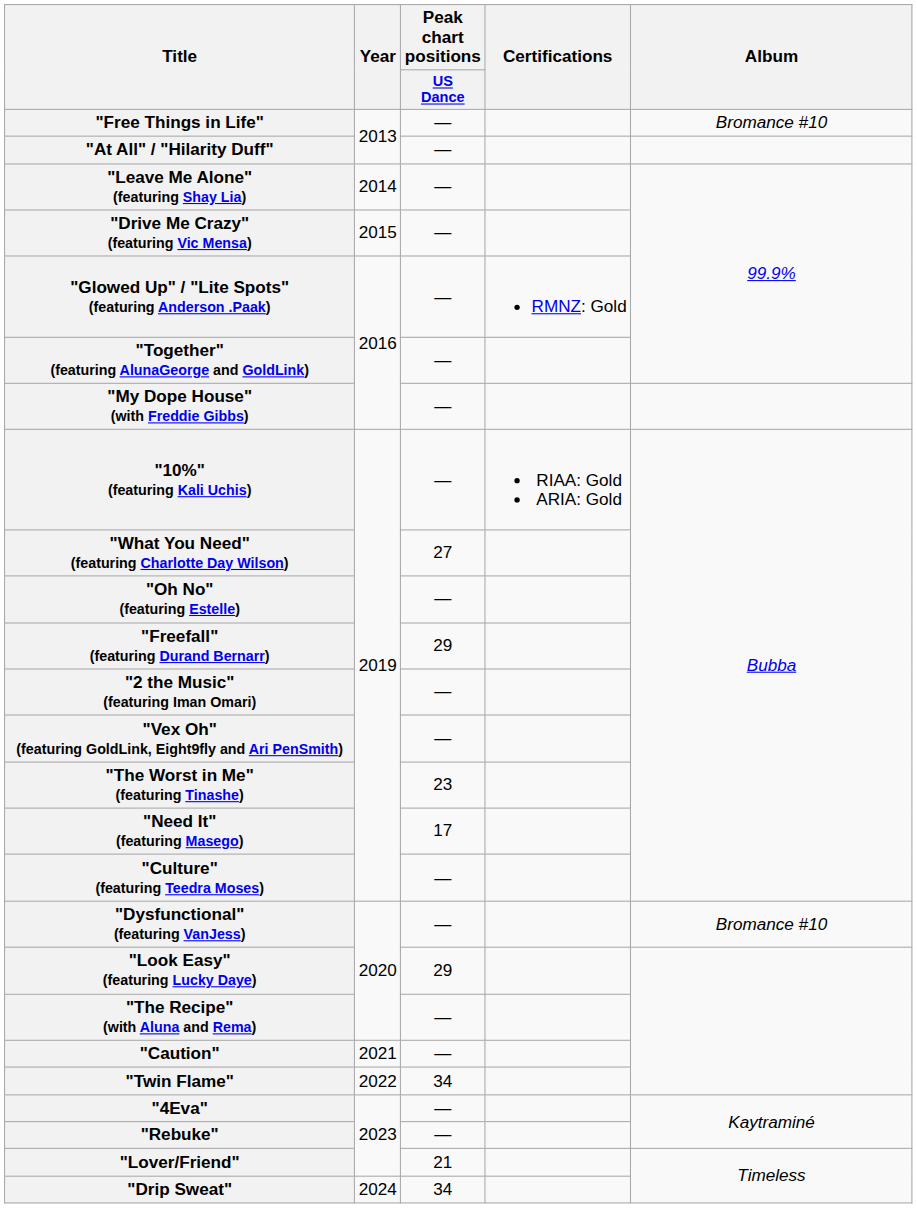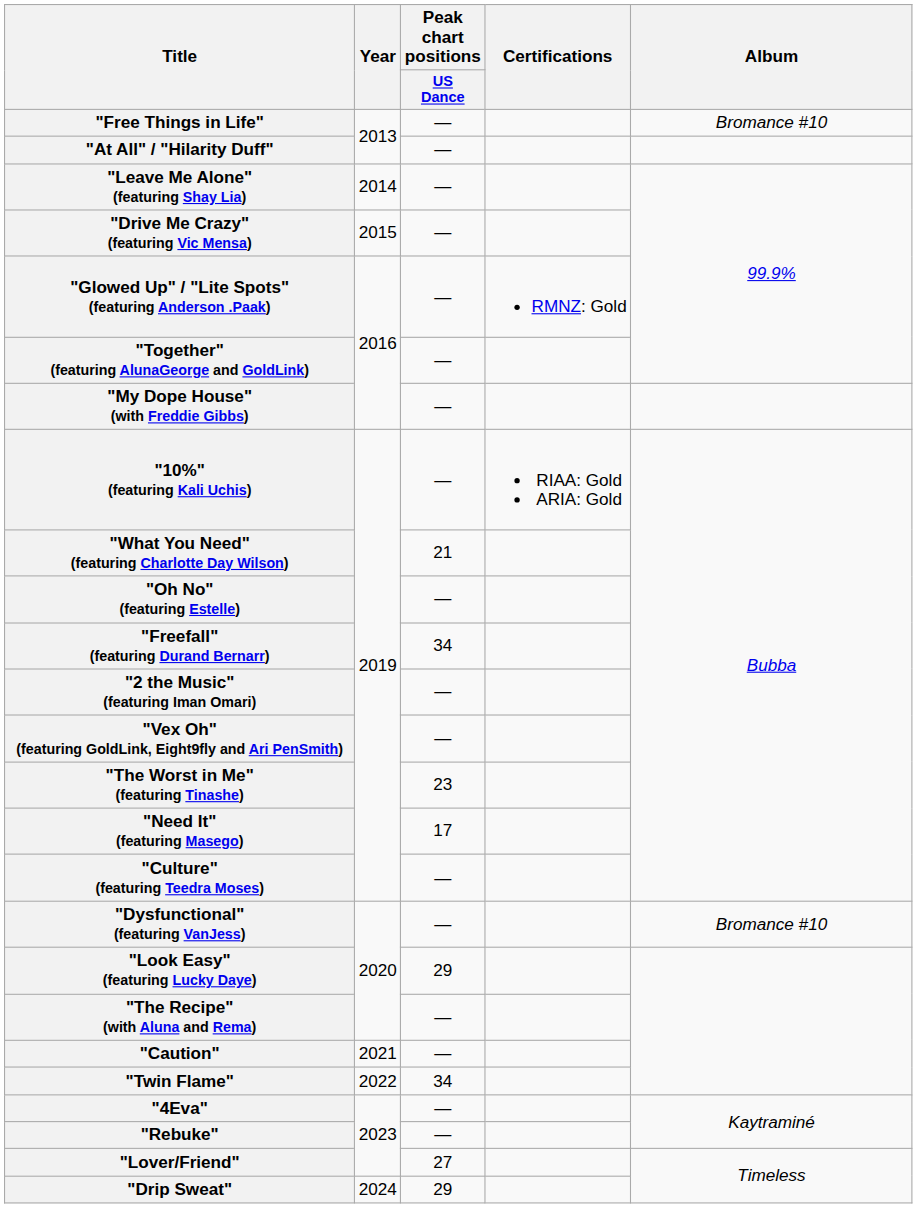 <table class="wikitable plainrowheaders" style="text-align:center;">
 <tr>
 <th scope="col" rowspan="2" style="width:20em;">Title</th>
 <th scope="col" rowspan="2" style="width:1em;">Year</th>
 <th scope="col" colspan="1">Peak chart positions</th>
 <th rowspan="2">Certifications</th>
 <th rowspan="2" scope="col" style="width:16em;">Album</th>
 </tr>
 <tr>
 <th scope="col" style="width:3em;font-size:85%;"><a href='#'>US<br>Dance</a><br></th>
 </tr>
 <tr>
 <th scope="row">"Free Things in Life"</th>
 <td rowspan="2">2013</td>
 <td>—</td>
 <td></td>
 <td><em>Bromance #10</em></td>
 </tr>
 <tr>
 <th scope="row">"At All" / "Hilarity Duff"</th>
 <td>—</td>
 <td></td>
 <td></td>
 </tr>
 <tr>
 <th scope="row">"Leave Me Alone"<br><small>(featuring <a href='#'>Shay Lia</a>)</small></th>
 <td>2014</td>
 <td>—</td>
 <td></td>
 <td rowspan="4"><em><a href='#'>99.9%</a></em></td>
 </tr>
 <tr>
 <th scope="row">"Drive Me Crazy"<br><small>(featuring <a href='#'>Vic Mensa</a>)</small></th>
 <td>2015</td>
 <td>—</td>
 <td></td>
 </tr>
 <tr>
 <th scope="row">"Glowed Up" / "Lite Spots"<br><small>(featuring <a href='#'>Anderson .Paak</a>)</small></th>
 <td rowspan="3">2016</td>
 <td>—</td>
 <td><br><ul><li><a href='#'>RMNZ</a>: Gold</li></ul></td>
 </tr>
 <tr>
 <th scope="row">"Together"<br><small>(featuring <a href='#'>AlunaGeorge</a> and <a href='#'>GoldLink</a>)</small></th>
 <td>—</td>
 <td></td>
 </tr>
 <tr>
 <th scope="row">"My Dope House"<br><small>(with <a href='#'>Freddie Gibbs</a>)</small></th>
 <td>—</td>
 <td></td>
 <td></td>
 </tr>
 <tr>
 <th scope="row">"10%"<br><small>(featuring <a href='#'>Kali Uchis</a>)</small></th>
 <td rowspan="9">2019</td>
 <td>—</td>
 <td><br><ul><li>RIAA: Gold</li><li>ARIA: Gold</li></ul></td>
 <td rowspan="9"><em><a href='#'>Bubba</a></em></td>
 </tr>
 <tr>
 <th scope="row">"What You Need"<br><small>(featuring <a href='#'>Charlotte Day Wilson</a>)</small></th>
-<td>27</td>
+<td>21</td>
 <td></td>
 </tr>
 <tr>
 <th scope="row">"Oh No"<br><small>(featuring <a href='#'>Estelle</a>)</small></th>
 <td>—</td>
 <td></td>
 </tr>
 <tr>
 <th scope="row">"Freefall"<br><small>(featuring <a href='#'>Durand Bernarr</a>)</small></th>
-<td>29</td>
+<td>34</td>
 <td></td>
 </tr>
 <tr>
 <th scope="row">"2 the Music"<br><small>(featuring Iman Omari)</small></th>
 <td>—</td>
 <td></td>
 </tr>
 <tr>
 <th scope="row">"Vex Oh"<br><small>(featuring GoldLink, Eight9fly and <a href='#'>Ari PenSmith</a>)</small></th>
 <td>—</td>
 <td></td>
 </tr>
 <tr>
 <th scope="row">"The Worst in Me"<br><small>(featuring <a href='#'>Tinashe</a>)</small></th>
 <td>23</td>
 <td></td>
 </tr>
 <tr>
 <th scope="row">"Need It"<br><small>(featuring <a href='#'>Masego</a>)</small></th>
 <td>17</td>
 <td></td>
 </tr>
 <tr>
 <th scope="row">"Culture"<br><small>(featuring <a href='#'>Teedra Moses</a>)</small></th>
 <td>—</td>
 <td></td>
 </tr>
 <tr>
 <th scope="row">"Dysfunctional"<br><small>(featuring <a href='#'>VanJess</a>)</small></th>
 <td rowspan="3">2020</td>
 <td>—</td>
 <td></td>
 <td><em>Bromance #10</em></td>
 </tr>
 <tr>
 <th scope="row">"Look Easy"<br><small>(featuring <a href='#'>Lucky Daye</a>)</small></th>
 <td>29</td>
 <td></td>
 </tr>
 <tr>
 <th scope="row">"The Recipe"<br><small>(with <a href='#'>Aluna</a> and <a href='#'>Rema</a>)</small></th>
 <td>—</td>
 <td></td>
 </tr>
 <tr>
 <th scope="row">"Caution"</th>
 <td>2021</td>
 <td>—</td>
 <td></td>
 </tr>
 <tr>
 <th scope="row">"Twin Flame"<br></th>
 <td>2022</td>
 <td>34</td>
 <td></td>
 </tr>
 <tr>
 <th scope="row">"4Eva"<br></th>
 <td rowspan="3">2023</td>
 <td>—</td>
 <td></td>
 <td rowspan="2"><em>Kaytraminé</em></td>
 </tr>
 <tr>
 <th scope="row">"Rebuke"<br></th>
 <td>—</td>
 <td></td>
 </tr>
 <tr>
 <th scope="row">"Lover/Friend"<br></th>
-<td>21</td>
+<td>27</td>
 <td></td>
 <td rowspan="2"><em>Timeless</em></td>
 </tr>
 <tr>
 <th scope="row">"Drip Sweat"<br></th>
 <td>2024</td>
-<td>34</td>
+<td>29</td>
 <td></td>
 </tr>
 </table>
